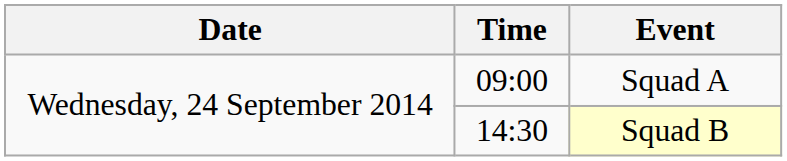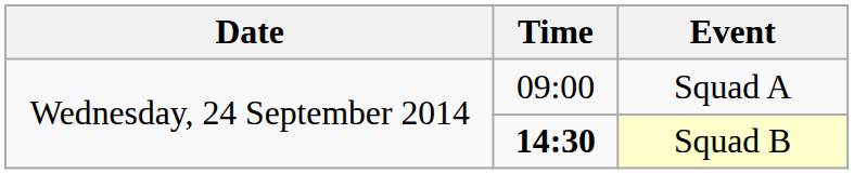 <table class = "wikitable" style="text-align:center;">
 <tr>
 <th width=220>Date</th>
 <th width=50>Time</th>
 <th width=100>Event</th>
 </tr>
 <tr>
 <td rowspan=2>Wednesday, 24 September 2014</td>
 <td>09:00</td>
 <td>Squad A</td>
 </tr>
 <tr>
-<td>14:30</td>
+<td><strong>14:30</strong></td>
 <td bgcolor=ffffcc>Squad B</td>
 </tr>
 </table>
